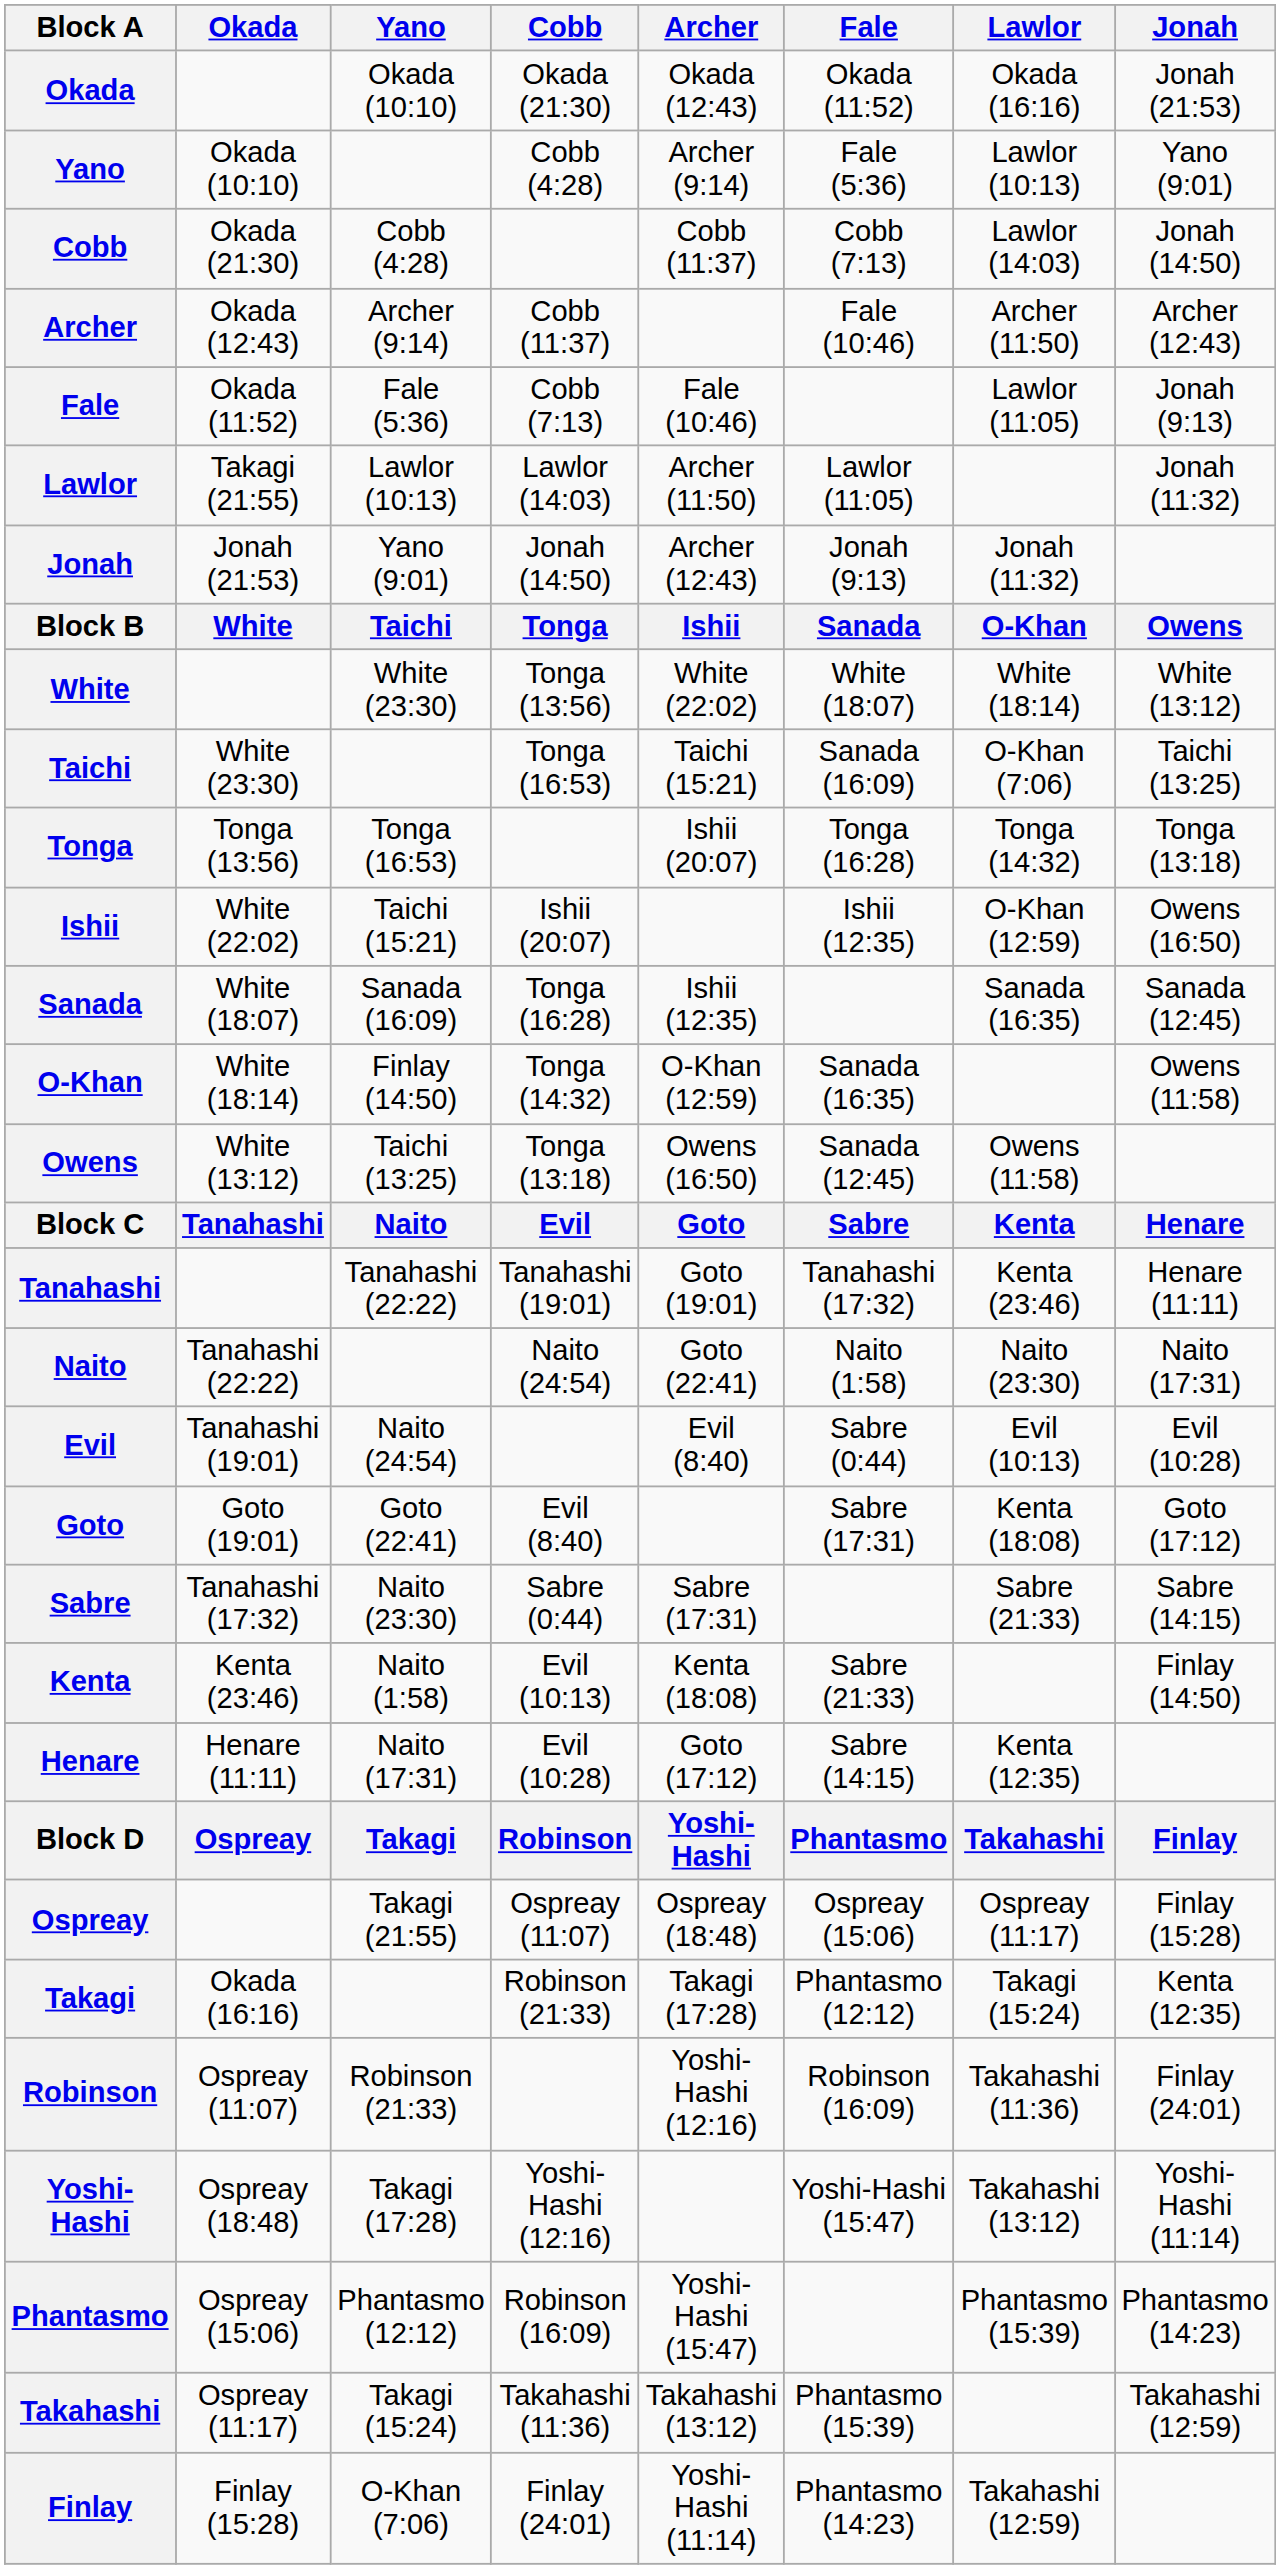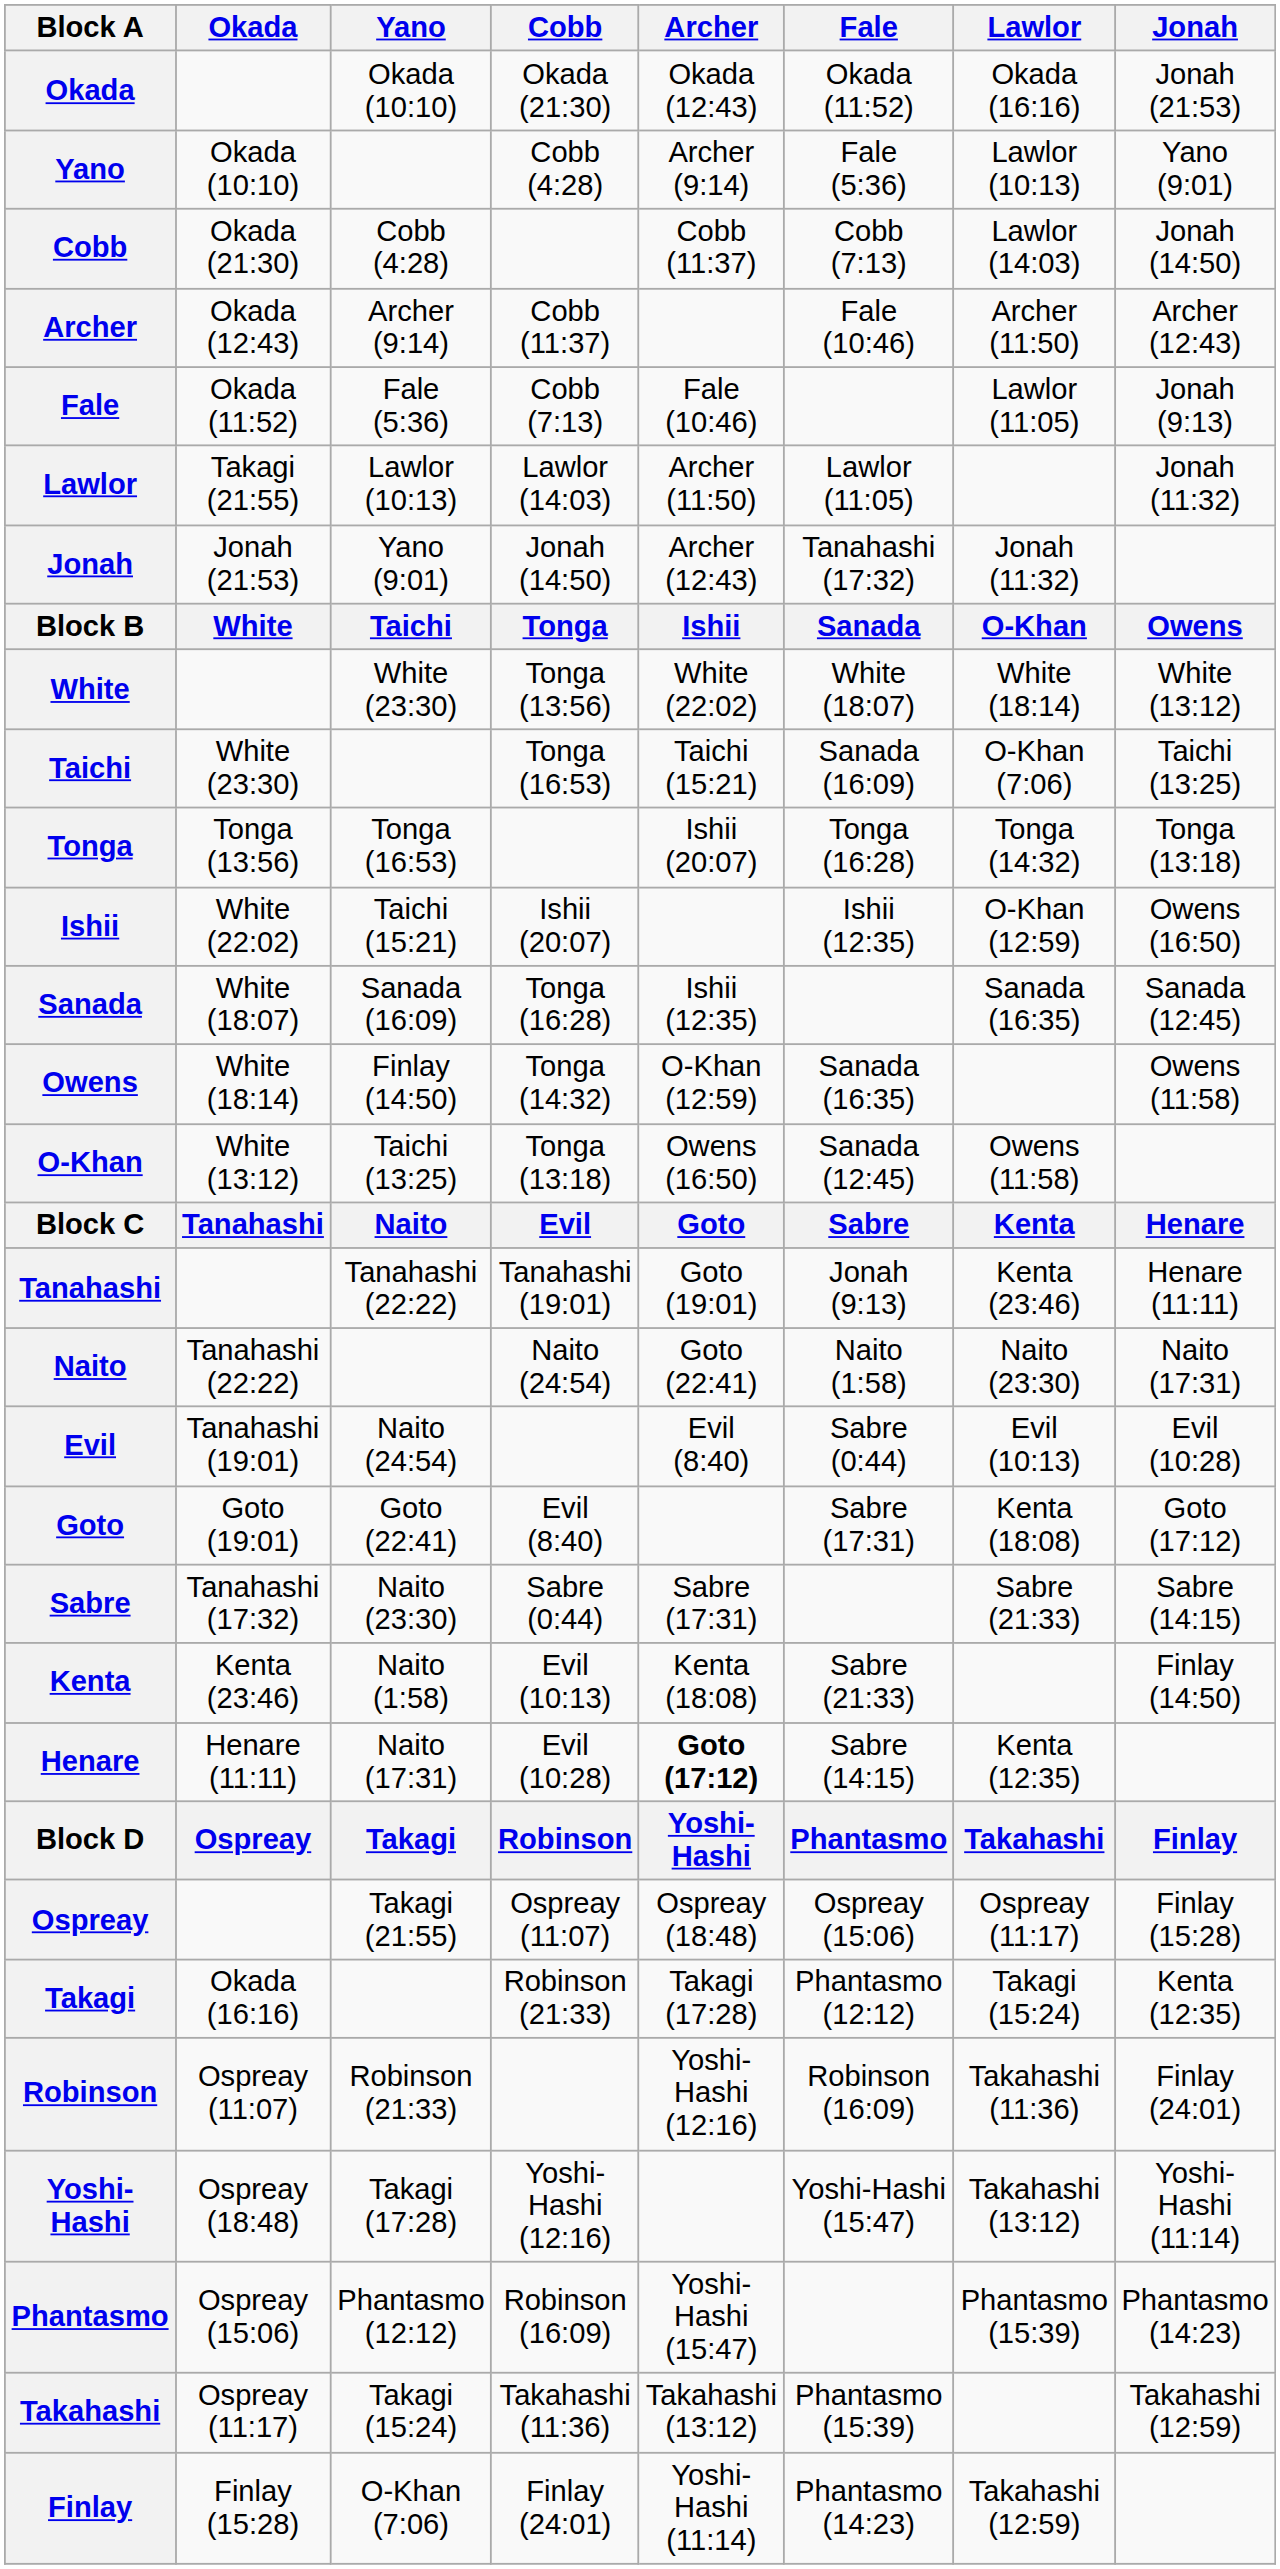 <table class="wikitable" style="margin: 1em auto 1em auto">
 <tr align="center">
 <th>Block A</th>
 <th><a href='#'>Okada</a></th>
 <th><a href='#'>Yano</a></th>
 <th><a href='#'>Cobb</a></th>
 <th><a href='#'>Archer</a></th>
 <th><a href='#'>Fale</a></th>
 <th><a href='#'>Lawlor</a></th>
 <th><a href='#'>Jonah</a></th>
 </tr>
 <tr align="center">
 <th><a href='#'>Okada</a></th>
 <td></td>
 <td>Okada<br>(10:10)</td>
 <td>Okada<br>(21:30)</td>
 <td>Okada<br>(12:43)</td>
 <td>Okada<br>(11:52)</td>
 <td>Okada<br>(16:16)</td>
 <td>Jonah<br>(21:53)</td>
 </tr>
 <tr align="center">
 <th><a href='#'>Yano</a></th>
 <td>Okada<br>(10:10)</td>
 <td></td>
 <td>Cobb<br>(4:28)</td>
 <td>Archer<br>(9:14)</td>
 <td>Fale<br>(5:36)</td>
 <td>Lawlor<br>(10:13)</td>
 <td>Yano<br>(9:01)</td>
 </tr>
 <tr align="center">
 <th><a href='#'>Cobb</a></th>
 <td>Okada<br>(21:30)</td>
 <td>Cobb<br>(4:28)</td>
 <td></td>
 <td>Cobb<br>(11:37)</td>
 <td>Cobb<br>(7:13)</td>
 <td>Lawlor<br>(14:03)</td>
 <td>Jonah<br>(14:50)</td>
 </tr>
 <tr align="center">
 <th><a href='#'>Archer</a></th>
 <td>Okada<br>(12:43)</td>
 <td>Archer<br>(9:14)</td>
 <td>Cobb<br>(11:37)</td>
 <td></td>
 <td>Fale<br>(10:46)</td>
 <td>Archer<br>(11:50)</td>
 <td>Archer<br>(12:43)</td>
 </tr>
 <tr align="center">
 <th><a href='#'>Fale</a></th>
 <td>Okada<br>(11:52)</td>
 <td>Fale<br>(5:36)</td>
 <td>Cobb<br>(7:13)</td>
 <td>Fale<br>(10:46)</td>
 <td></td>
 <td>Lawlor<br>(11:05)</td>
 <td>Jonah<br>(9:13)</td>
 </tr>
 <tr align="center">
 <th><a href='#'>Lawlor</a></th>
 <td>Takagi<br>(21:55)</td>
 <td>Lawlor<br>(10:13)</td>
 <td>Lawlor<br>(14:03)</td>
 <td>Archer<br>(11:50)</td>
 <td>Lawlor<br>(11:05)</td>
 <td></td>
 <td>Jonah<br>(11:32)</td>
 </tr>
 <tr align="center">
 <th><a href='#'>Jonah</a></th>
 <td>Jonah<br>(21:53)</td>
 <td>Yano<br>(9:01)</td>
 <td>Jonah<br>(14:50)</td>
 <td>Archer<br>(12:43)</td>
-<td>Jonah<br>(9:13)</td>
+<td>Tanahashi<br>(17:32)</td>
 <td>Jonah<br>(11:32)</td>
 <td></td>
 </tr>
 <tr align="center">
 <th>Block B</th>
 <th><a href='#'>White</a></th>
 <th><a href='#'>Taichi</a></th>
 <th><a href='#'>Tonga</a></th>
 <th><a href='#'>Ishii</a></th>
 <th><a href='#'>Sanada</a></th>
 <th><a href='#'>O-Khan</a></th>
 <th><a href='#'>Owens</a></th>
 </tr>
 <tr align="center">
 <th><a href='#'>White</a></th>
 <td></td>
 <td>White<br>(23:30)</td>
 <td>Tonga<br>(13:56)</td>
 <td>White<br>(22:02)</td>
 <td>White<br>(18:07)</td>
 <td>White<br>(18:14)</td>
 <td>White<br>(13:12)</td>
 </tr>
 <tr align="center">
 <th><a href='#'>Taichi</a></th>
 <td>White<br>(23:30)</td>
 <td></td>
 <td>Tonga<br>(16:53)</td>
 <td>Taichi<br>(15:21)</td>
 <td>Sanada<br>(16:09)</td>
 <td>O-Khan<br>(7:06)</td>
 <td>Taichi<br>(13:25)</td>
 </tr>
 <tr align="center">
 <th><a href='#'>Tonga</a></th>
 <td>Tonga<br>(13:56)</td>
 <td>Tonga<br>(16:53)</td>
 <td></td>
 <td>Ishii<br>(20:07)</td>
 <td>Tonga<br>(16:28)</td>
 <td>Tonga<br>(14:32)</td>
 <td>Tonga<br>(13:18)</td>
 </tr>
 <tr align="center">
 <th><a href='#'>Ishii</a></th>
 <td>White<br>(22:02)</td>
 <td>Taichi<br>(15:21)</td>
 <td>Ishii<br>(20:07)</td>
 <td></td>
 <td>Ishii<br>(12:35)</td>
 <td>O-Khan<br>(12:59)</td>
 <td>Owens<br>(16:50)</td>
 </tr>
 <tr align="center">
 <th><a href='#'>Sanada</a></th>
 <td>White<br>(18:07)</td>
 <td>Sanada<br>(16:09)</td>
 <td>Tonga<br>(16:28)</td>
 <td>Ishii<br>(12:35)</td>
 <td></td>
 <td>Sanada<br>(16:35)</td>
 <td>Sanada<br>(12:45)</td>
 </tr>
 <tr align="center">
-<th><a href='#'>O-Khan</a></th>
+<th><a href='#'>Owens</a></th>
 <td>White<br>(18:14)</td>
 <td>Finlay<br>(14:50)</td>
 <td>Tonga<br>(14:32)</td>
 <td>O-Khan<br>(12:59)</td>
 <td>Sanada<br>(16:35)</td>
 <td></td>
 <td>Owens<br>(11:58)</td>
 </tr>
 <tr align="center">
-<th><a href='#'>Owens</a></th>
+<th><a href='#'>O-Khan</a></th>
 <td>White<br>(13:12)</td>
 <td>Taichi<br>(13:25)</td>
 <td>Tonga<br>(13:18)</td>
 <td>Owens<br>(16:50)</td>
 <td>Sanada<br>(12:45)</td>
 <td>Owens<br>(11:58)</td>
 <td></td>
 </tr>
 <tr align="center">
 <th>Block C</th>
 <th><a href='#'>Tanahashi</a></th>
 <th><a href='#'>Naito</a></th>
 <th><a href='#'>Evil</a></th>
 <th><a href='#'>Goto</a></th>
 <th><a href='#'>Sabre</a></th>
 <th><a href='#'>Kenta</a></th>
 <th><a href='#'>Henare</a></th>
 </tr>
 <tr align="center">
 <th><a href='#'>Tanahashi</a></th>
 <td></td>
 <td>Tanahashi<br>(22:22)</td>
 <td>Tanahashi<br>(19:01)</td>
 <td>Goto<br>(19:01)</td>
-<td>Tanahashi<br>(17:32)</td>
+<td>Jonah<br>(9:13)</td>
 <td>Kenta<br>(23:46)</td>
 <td>Henare<br>(11:11)</td>
 </tr>
 <tr align="center">
 <th><a href='#'>Naito</a></th>
 <td>Tanahashi<br>(22:22)</td>
 <td></td>
 <td>Naito<br>(24:54)</td>
 <td>Goto<br>(22:41)</td>
 <td>Naito<br>(1:58)</td>
 <td>Naito<br>(23:30)</td>
 <td>Naito<br>(17:31)</td>
 </tr>
 <tr align="center">
 <th><a href='#'>Evil</a></th>
 <td>Tanahashi<br>(19:01)</td>
 <td>Naito<br>(24:54)</td>
 <td></td>
 <td>Evil<br>(8:40)</td>
 <td>Sabre<br>(0:44)</td>
 <td>Evil<br>(10:13)</td>
 <td>Evil<br>(10:28)</td>
 </tr>
 <tr align="center">
 <th><a href='#'>Goto</a></th>
 <td>Goto<br>(19:01)</td>
 <td>Goto<br>(22:41)</td>
 <td>Evil<br>(8:40)</td>
 <td></td>
 <td>Sabre<br>(17:31)</td>
 <td>Kenta<br>(18:08)</td>
 <td>Goto<br>(17:12)</td>
 </tr>
 <tr align="center">
 <th><a href='#'>Sabre</a></th>
 <td>Tanahashi<br>(17:32)</td>
 <td>Naito<br>(23:30)</td>
 <td>Sabre<br>(0:44)</td>
 <td>Sabre<br>(17:31)</td>
 <td></td>
 <td>Sabre<br>(21:33)</td>
 <td>Sabre<br>(14:15)</td>
 </tr>
 <tr align="center">
 <th><a href='#'>Kenta</a></th>
 <td>Kenta<br>(23:46)</td>
 <td>Naito<br>(1:58)</td>
 <td>Evil<br>(10:13)</td>
 <td>Kenta<br>(18:08)</td>
 <td>Sabre<br>(21:33)</td>
 <td></td>
 <td>Finlay<br>(14:50)</td>
 </tr>
 <tr align="center">
 <th><a href='#'>Henare</a></th>
 <td>Henare<br>(11:11)</td>
 <td>Naito<br>(17:31)</td>
 <td>Evil<br>(10:28)</td>
-<td>Goto<br>(17:12)</td>
+<td><strong>Goto<br>(17:12)</strong></td>
 <td>Sabre<br>(14:15)</td>
 <td>Kenta<br>(12:35)</td>
 <td></td>
 </tr>
 <tr align="center">
 <th>Block D</th>
 <th><a href='#'>Ospreay</a></th>
 <th><a href='#'>Takagi</a></th>
 <th><a href='#'>Robinson</a></th>
 <th><a href='#'>Yoshi-Hashi</a></th>
 <th><a href='#'>Phantasmo</a></th>
 <th><a href='#'>Takahashi</a></th>
 <th><a href='#'>Finlay</a></th>
 </tr>
 <tr align="center">
 <th><a href='#'>Ospreay</a></th>
 <td></td>
 <td>Takagi<br>(21:55)</td>
 <td>Ospreay<br>(11:07)</td>
 <td>Ospreay<br>(18:48)</td>
 <td>Ospreay<br>(15:06)</td>
 <td>Ospreay<br>(11:17)</td>
 <td>Finlay<br>(15:28)</td>
 </tr>
 <tr align="center">
 <th><a href='#'>Takagi</a></th>
 <td>Okada<br>(16:16)</td>
 <td></td>
 <td>Robinson<br>(21:33)</td>
 <td>Takagi<br>(17:28)</td>
 <td>Phantasmo<br>(12:12)</td>
 <td>Takagi<br>(15:24)</td>
 <td>Kenta<br>(12:35)</td>
 </tr>
 <tr align="center">
 <th><a href='#'>Robinson</a></th>
 <td>Ospreay<br>(11:07)</td>
 <td>Robinson<br>(21:33)</td>
 <td></td>
 <td>Yoshi-Hashi<br>(12:16)</td>
 <td>Robinson<br>(16:09)</td>
 <td>Takahashi<br>(11:36)</td>
 <td>Finlay<br>(24:01)</td>
 </tr>
 <tr align="center">
 <th><a href='#'>Yoshi-Hashi</a></th>
 <td>Ospreay<br>(18:48)</td>
 <td>Takagi<br>(17:28)</td>
 <td>Yoshi-Hashi<br>(12:16)</td>
 <td></td>
 <td>Yoshi-Hashi<br>(15:47)</td>
 <td>Takahashi<br>(13:12)</td>
 <td>Yoshi-Hashi<br>(11:14)</td>
 </tr>
 <tr align="center">
 <th><a href='#'>Phantasmo</a></th>
 <td>Ospreay<br>(15:06)</td>
 <td>Phantasmo<br>(12:12)</td>
 <td>Robinson<br>(16:09)</td>
 <td>Yoshi-Hashi<br>(15:47)</td>
 <td></td>
 <td>Phantasmo<br>(15:39)</td>
 <td>Phantasmo<br>(14:23)</td>
 </tr>
 <tr align="center">
 <th><a href='#'>Takahashi</a></th>
 <td>Ospreay<br>(11:17)</td>
 <td>Takagi<br>(15:24)</td>
 <td>Takahashi<br>(11:36)</td>
 <td>Takahashi<br>(13:12)</td>
 <td>Phantasmo<br>(15:39)</td>
 <td></td>
 <td>Takahashi<br>(12:59)</td>
 </tr>
 <tr align="center">
 <th><a href='#'>Finlay</a></th>
 <td>Finlay<br>(15:28)</td>
 <td>O-Khan<br>(7:06)</td>
 <td>Finlay<br>(24:01)</td>
 <td>Yoshi-Hashi<br>(11:14)</td>
 <td>Phantasmo<br>(14:23)</td>
 <td>Takahashi<br>(12:59)</td>
 <td></td>
 </tr>
 </table>
